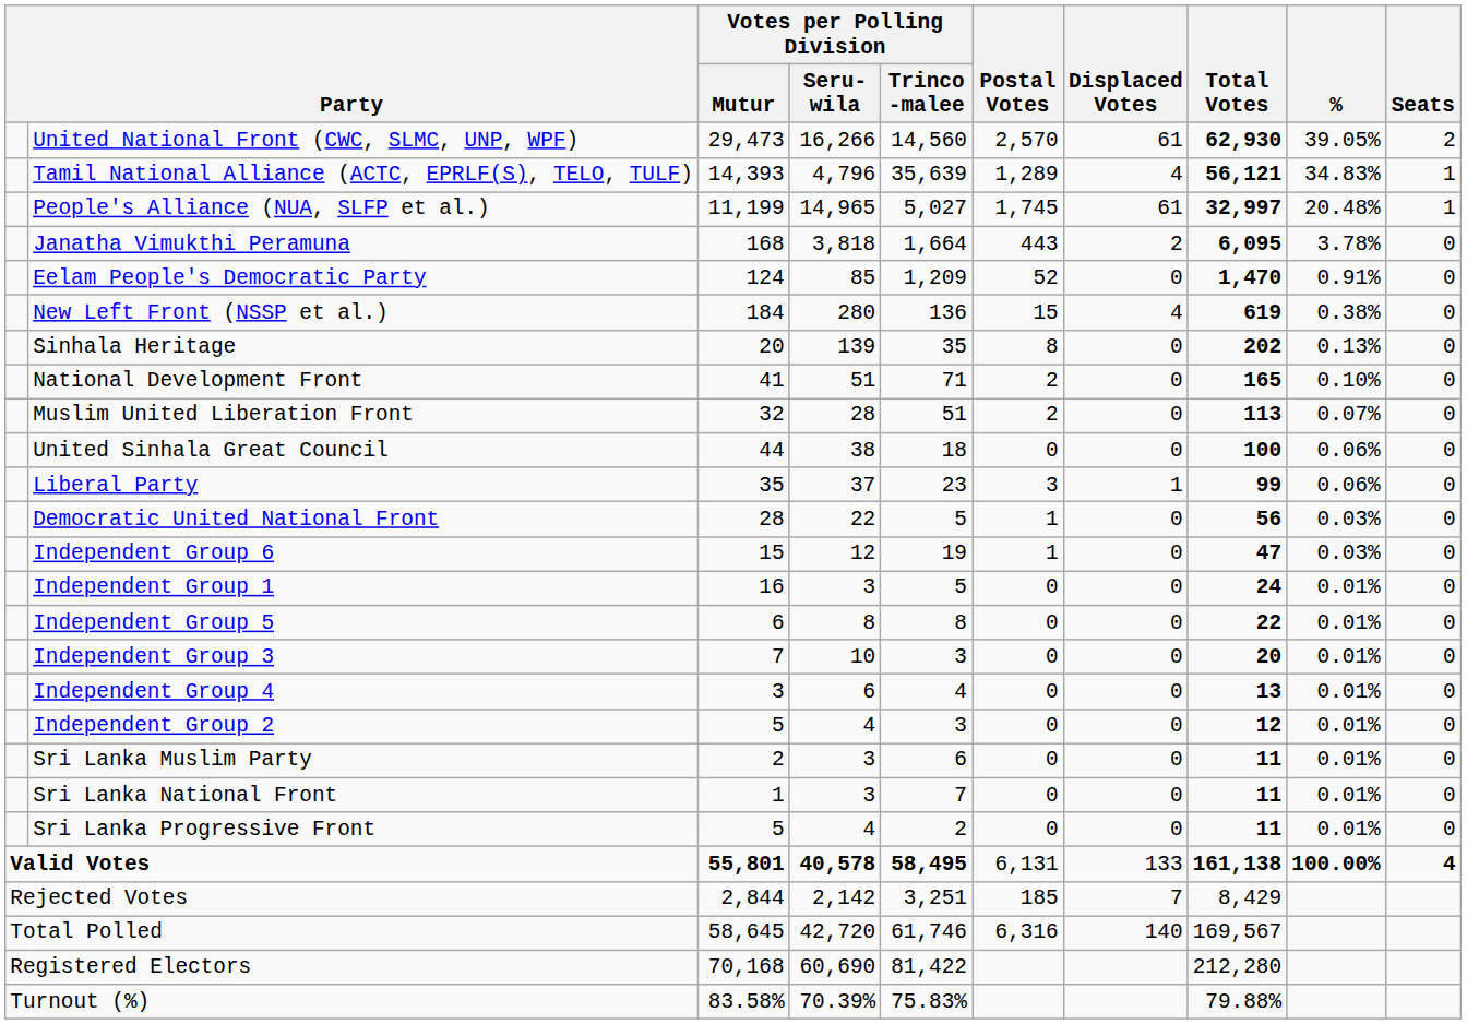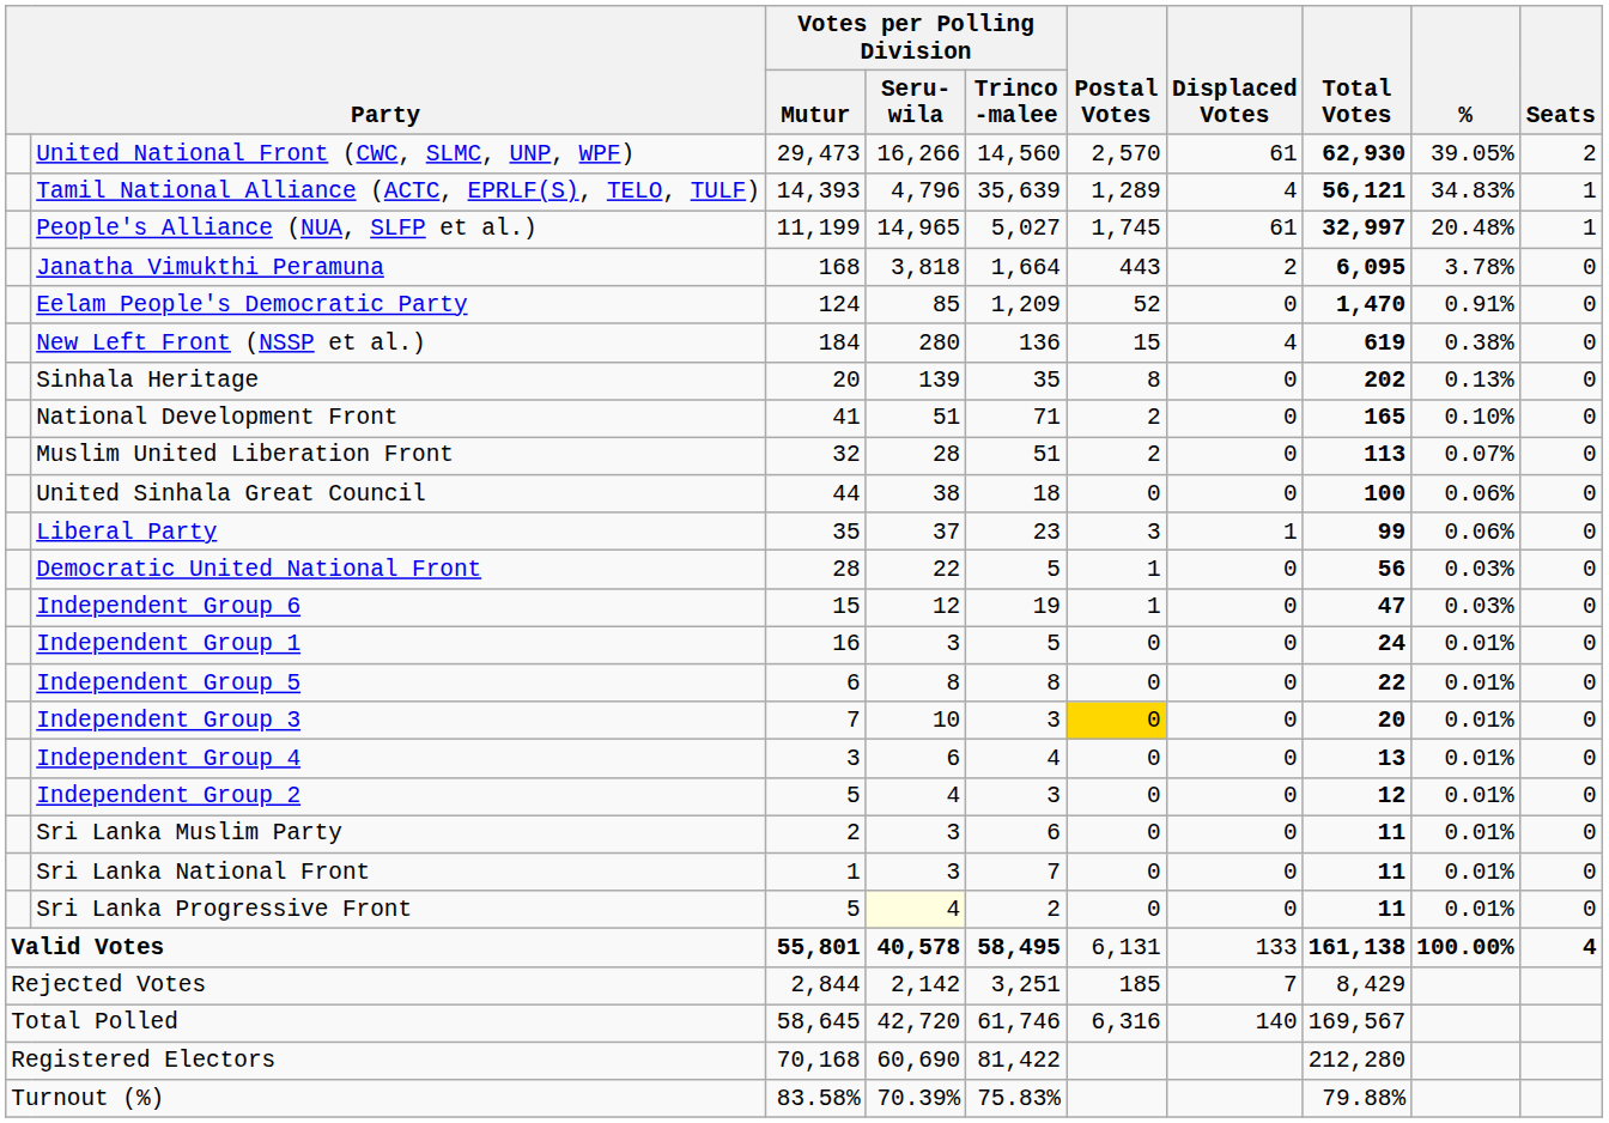 <table class="wikitable" border="1" style="text-align:right;">
 <tr>
 <th align=left valign=bottom rowspan=2 colspan=2>Party</th>
 <th colspan=3>Votes per Polling Division</th>
 <th align=center valign=bottom rowspan=2 width="50">Postal<br>Votes</th>
 <th align=center valign=bottom rowspan=2 width="50">Displaced<br>Votes</th>
 <th align=center valign=bottom rowspan=2 width="50">Total Votes</th>
 <th align=center valign=bottom rowspan=2 width="50">%</th>
 <th align=center valign=bottom rowspan=2 width="40">Seats</th>
 </tr>
 <tr>
 <th align=center valign=bottom width="50">Mutur</th>
 <th align=center valign=bottom width="50">Seru-<br>wila</th>
 <th align=center valign=bottom width="50">Trinco<br>-malee</th>
 </tr>
 <tr>
 <td bgcolor=> </td>
 <td align=left><a href='#'>United National Front</a> (<a href='#'>CWC</a>, <a href='#'>SLMC</a>, <a href='#'>UNP</a>, <a href='#'>WPF</a>)</td>
 <td>29,473</td>
 <td>16,266</td>
 <td>14,560</td>
 <td>2,570</td>
 <td>61</td>
 <td><strong>62,930</strong></td>
 <td>39.05%</td>
 <td>2</td>
 </tr>
 <tr>
 <td bgcolor=> </td>
 <td align=left><a href='#'>Tamil National Alliance</a> (<a href='#'>ACTC</a>, <a href='#'>EPRLF(S)</a>, <a href='#'>TELO</a>, <a href='#'>TULF</a>)</td>
 <td>14,393</td>
 <td>4,796</td>
 <td>35,639</td>
 <td>1,289</td>
 <td>4</td>
 <td><strong>56,121</strong></td>
 <td>34.83%</td>
 <td>1</td>
 </tr>
 <tr>
 <td bgcolor=> </td>
 <td align=left><a href='#'>People's Alliance</a> (<a href='#'>NUA</a>, <a href='#'>SLFP</a> et al.)</td>
 <td>11,199</td>
 <td>14,965</td>
 <td>5,027</td>
 <td>1,745</td>
 <td>61</td>
 <td><strong>32,997</strong></td>
 <td>20.48%</td>
 <td>1</td>
 </tr>
 <tr>
 <td bgcolor=> </td>
 <td align=left><a href='#'>Janatha Vimukthi Peramuna</a></td>
 <td>168</td>
 <td>3,818</td>
 <td>1,664</td>
 <td>443</td>
 <td>2</td>
 <td><strong>6,095</strong></td>
 <td>3.78%</td>
 <td>0</td>
 </tr>
 <tr>
 <td bgcolor=> </td>
 <td align=left><a href='#'>Eelam People's Democratic Party</a></td>
 <td>124</td>
 <td>85</td>
 <td>1,209</td>
 <td>52</td>
 <td>0</td>
 <td><strong>1,470</strong></td>
 <td>0.91%</td>
 <td>0</td>
 </tr>
 <tr>
 <td bgcolor=> </td>
 <td align=left><a href='#'>New Left Front</a> (<a href='#'>NSSP</a> et al.)</td>
 <td>184</td>
 <td>280</td>
 <td>136</td>
 <td>15</td>
 <td>4</td>
 <td><strong>619</strong></td>
 <td>0.38%</td>
 <td>0</td>
 </tr>
 <tr>
 <td></td>
 <td align=left>Sinhala Heritage</td>
 <td>20</td>
 <td>139</td>
 <td>35</td>
 <td>8</td>
 <td>0</td>
 <td><strong>202</strong></td>
 <td>0.13%</td>
 <td>0</td>
 </tr>
 <tr>
 <td></td>
 <td align=left>National Development Front</td>
 <td>41</td>
 <td>51</td>
 <td>71</td>
 <td>2</td>
 <td>0</td>
 <td><strong>165</strong></td>
 <td>0.10%</td>
 <td>0</td>
 </tr>
 <tr>
 <td></td>
 <td align=left>Muslim United Liberation Front</td>
 <td>32</td>
 <td>28</td>
 <td>51</td>
 <td>2</td>
 <td>0</td>
 <td><strong>113</strong></td>
 <td>0.07%</td>
 <td>0</td>
 </tr>
 <tr>
 <td></td>
 <td align=left>United Sinhala Great Council</td>
 <td>44</td>
 <td>38</td>
 <td>18</td>
 <td>0</td>
 <td>0</td>
 <td><strong>100</strong></td>
 <td>0.06%</td>
 <td>0</td>
 </tr>
 <tr>
 <td></td>
 <td align=left><a href='#'>Liberal Party</a></td>
 <td>35</td>
 <td>37</td>
 <td>23</td>
 <td>3</td>
 <td>1</td>
 <td><strong>99</strong></td>
 <td>0.06%</td>
 <td>0</td>
 </tr>
 <tr>
 <td></td>
 <td align=left><a href='#'>Democratic United National Front</a></td>
 <td>28</td>
 <td>22</td>
 <td>5</td>
 <td>1</td>
 <td>0</td>
 <td><strong>56</strong></td>
 <td>0.03%</td>
 <td>0</td>
 </tr>
 <tr>
 <td bgcolor=> </td>
 <td align=left><a href='#'>Independent Group 6</a></td>
 <td>15</td>
 <td>12</td>
 <td>19</td>
 <td>1</td>
 <td>0</td>
 <td><strong>47</strong></td>
 <td>0.03%</td>
 <td>0</td>
 </tr>
 <tr>
 <td bgcolor=> </td>
 <td align=left><a href='#'>Independent Group 1</a></td>
 <td>16</td>
 <td>3</td>
 <td>5</td>
 <td>0</td>
 <td>0</td>
 <td><strong>24</strong></td>
 <td>0.01%</td>
 <td>0</td>
 </tr>
 <tr>
 <td bgcolor=> </td>
 <td align=left><a href='#'>Independent Group 5</a></td>
 <td>6</td>
 <td>8</td>
 <td>8</td>
 <td>0</td>
 <td>0</td>
 <td><strong>22</strong></td>
 <td>0.01%</td>
 <td>0</td>
 </tr>
 <tr>
 <td bgcolor=> </td>
 <td align=left><a href='#'>Independent Group 3</a></td>
 <td>7</td>
 <td>10</td>
 <td>3</td>
-<td>0</td>
+<td style="background: gold;">0</td>
 <td>0</td>
 <td><strong>20</strong></td>
 <td>0.01%</td>
 <td>0</td>
 </tr>
 <tr>
 <td bgcolor=> </td>
 <td align=left><a href='#'>Independent Group 4</a></td>
 <td>3</td>
 <td>6</td>
 <td>4</td>
 <td>0</td>
 <td>0</td>
 <td><strong>13</strong></td>
 <td>0.01%</td>
 <td>0</td>
 </tr>
 <tr>
 <td bgcolor=> </td>
 <td align=left><a href='#'>Independent Group 2</a></td>
 <td>5</td>
 <td>4</td>
 <td>3</td>
 <td>0</td>
 <td>0</td>
 <td><strong>12</strong></td>
 <td>0.01%</td>
 <td>0</td>
 </tr>
 <tr>
 <td></td>
 <td align=left>Sri Lanka Muslim Party</td>
 <td>2</td>
 <td>3</td>
 <td>6</td>
 <td>0</td>
 <td>0</td>
 <td><strong>11</strong></td>
 <td>0.01%</td>
 <td>0</td>
 </tr>
 <tr>
 <td></td>
 <td align=left>Sri Lanka National Front</td>
 <td>1</td>
 <td>3</td>
 <td>7</td>
 <td>0</td>
 <td>0</td>
 <td><strong>11</strong></td>
 <td>0.01%</td>
 <td>0</td>
 </tr>
 <tr>
 <td></td>
 <td align=left>Sri Lanka Progressive Front</td>
 <td>5</td>
-<td>4</td>
+<td style="background: lightyellow;">4</td>
 <td>2</td>
 <td>0</td>
 <td>0</td>
 <td><strong>11</strong></td>
 <td>0.01%</td>
 <td>0</td>
 </tr>
 <tr>
 <td align=left colspan=2><strong>Valid Votes</strong></td>
 <td><strong>55,801</strong></td>
 <td><strong>40,578</strong></td>
 <td><strong>58,495</strong></td>
 <td>6,131</td>
 <td>133</td>
 <td><strong>161,138</strong></td>
 <td><strong>100.00%</strong></td>
 <td><strong>4</strong></td>
 </tr>
 <tr>
 <td align=left colspan=2>Rejected Votes</td>
 <td>2,844</td>
 <td>2,142</td>
 <td>3,251</td>
 <td>185</td>
 <td>7</td>
 <td>8,429</td>
 <td></td>
 <td></td>
 </tr>
 <tr>
 <td align=left colspan=2>Total Polled</td>
 <td>58,645</td>
 <td>42,720</td>
 <td>61,746</td>
 <td>6,316</td>
 <td>140</td>
 <td>169,567</td>
 <td></td>
 <td></td>
 </tr>
 <tr>
 <td align=left colspan=2>Registered Electors</td>
 <td>70,168</td>
 <td>60,690</td>
 <td>81,422</td>
 <td></td>
 <td></td>
 <td>212,280</td>
 <td></td>
 <td></td>
 </tr>
 <tr>
 <td align=left colspan=2>Turnout (%)</td>
 <td>83.58%</td>
 <td>70.39%</td>
 <td>75.83%</td>
 <td></td>
 <td></td>
 <td>79.88%</td>
 <td></td>
 <td></td>
 </tr>
 </table>
